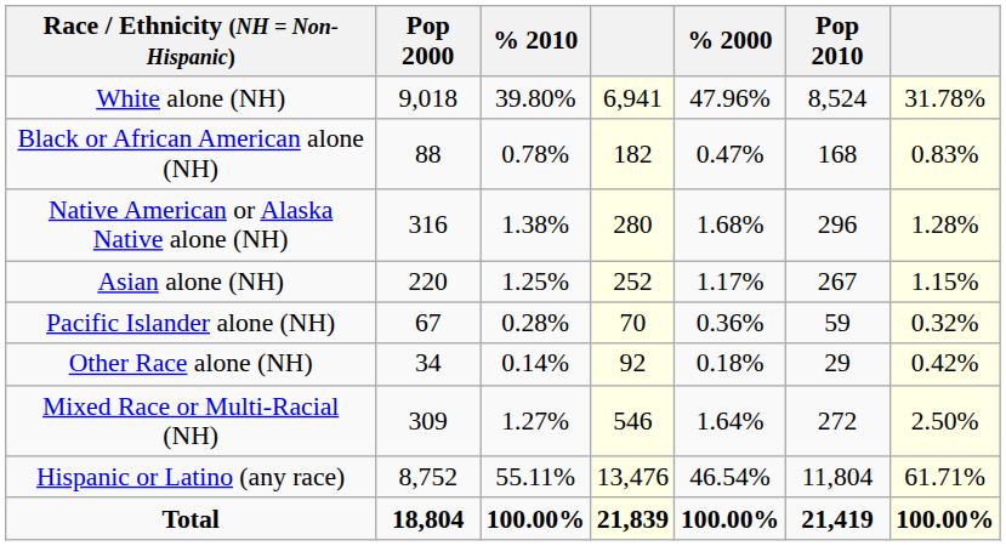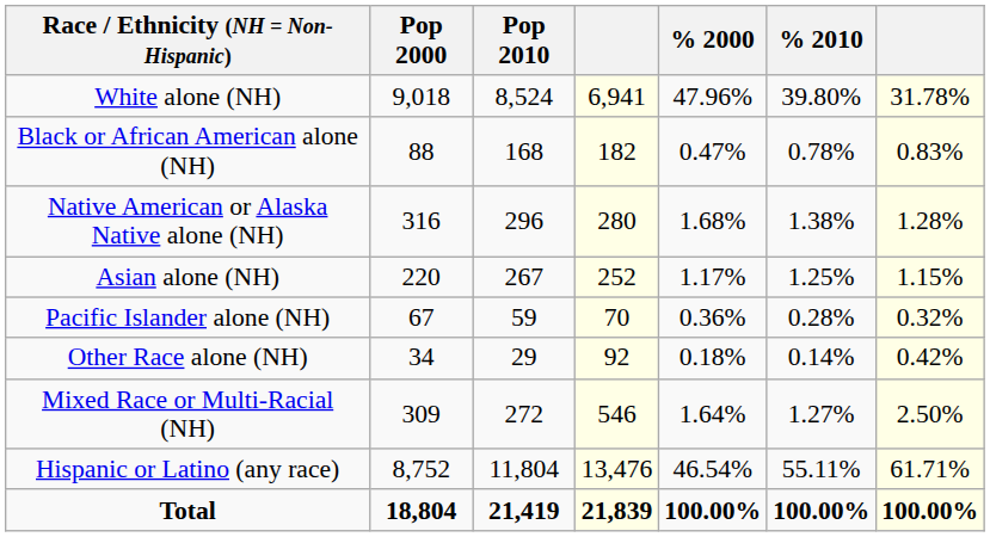 <table class="wikitable" style="text-align:center;">
 <tr>
 <th>Race / Ethnicity <small>(<em>NH = Non-Hispanic</em>)</small></th>
 <th>Pop 2000</th>
-<th>% 2010</th>
+<th>Pop 2010</th>
 <th></th>
 <th>% 2000</th>
-<th>Pop 2010</th>
+<th>% 2010</th>
 <th></th>
 </tr>
 <tr>
 <td><a href='#'>White</a> alone (NH)</td>
 <td>9,018</td>
-<td>39.80%</td>
+<td>8,524</td>
 <td style='background: #ffffe6;'>6,941</td>
 <td>47.96%</td>
-<td>8,524</td>
+<td>39.80%</td>
 <td style='background: #ffffe6;'>31.78%</td>
 </tr>
 <tr>
 <td><a href='#'>Black or African American</a> alone (NH)</td>
 <td>88</td>
-<td>0.78%</td>
+<td>168</td>
 <td style='background: #ffffe6;'>182</td>
 <td>0.47%</td>
-<td>168</td>
+<td>0.78%</td>
 <td style='background: #ffffe6;'>0.83%</td>
 </tr>
 <tr>
 <td><a href='#'>Native American</a> or <a href='#'>Alaska Native</a> alone (NH)</td>
 <td>316</td>
-<td>1.38%</td>
+<td>296</td>
 <td style='background: #ffffe6;'>280</td>
 <td>1.68%</td>
-<td>296</td>
+<td>1.38%</td>
 <td style='background: #ffffe6;'>1.28%</td>
 </tr>
 <tr>
 <td><a href='#'>Asian</a> alone (NH)</td>
 <td>220</td>
-<td>1.25%</td>
+<td>267</td>
 <td style='background: #ffffe6;'>252</td>
 <td>1.17%</td>
-<td>267</td>
+<td>1.25%</td>
 <td style='background: #ffffe6;'>1.15%</td>
 </tr>
 <tr>
 <td><a href='#'>Pacific Islander</a> alone (NH)</td>
 <td>67</td>
-<td>0.28%</td>
+<td>59</td>
 <td style='background: #ffffe6;'>70</td>
 <td>0.36%</td>
-<td>59</td>
+<td>0.28%</td>
 <td style='background: #ffffe6;'>0.32%</td>
 </tr>
 <tr>
 <td><a href='#'>Other Race</a> alone (NH)</td>
 <td>34</td>
-<td>0.14%</td>
+<td>29</td>
 <td style='background: #ffffe6;'>92</td>
 <td>0.18%</td>
-<td>29</td>
+<td>0.14%</td>
 <td style='background: #ffffe6;'>0.42%</td>
 </tr>
 <tr>
 <td><a href='#'>Mixed Race or Multi-Racial</a> (NH)</td>
 <td>309</td>
-<td>1.27%</td>
+<td>272</td>
 <td style='background: #ffffe6;'>546</td>
 <td>1.64%</td>
-<td>272</td>
+<td>1.27%</td>
 <td style='background: #ffffe6;'>2.50%</td>
 </tr>
 <tr>
 <td><a href='#'>Hispanic or Latino</a> (any race)</td>
 <td>8,752</td>
-<td>55.11%</td>
+<td>11,804</td>
 <td style='background: #ffffe6;'>13,476</td>
 <td>46.54%</td>
-<td>11,804</td>
+<td>55.11%</td>
 <td style='background: #ffffe6;'>61.71%</td>
 </tr>
 <tr>
 <td><strong>Total</strong></td>
 <td><strong>18,804</strong></td>
-<td><strong>100.00%</strong></td>
+<td><strong>21,419</strong></td>
 <td style='background: #ffffe6;'><strong>21,839</strong></td>
 <td><strong>100.00%</strong></td>
-<td><strong>21,419</strong></td>
+<td><strong>100.00%</strong></td>
 <td style='background: #ffffe6;'><strong>100.00%</strong></td>
 </tr>
 </table>
